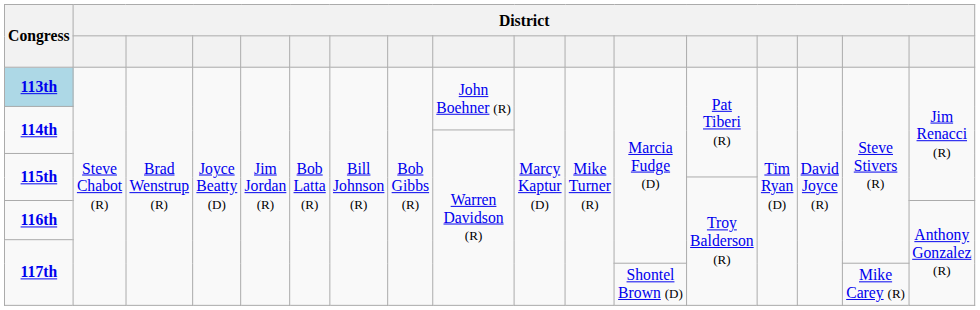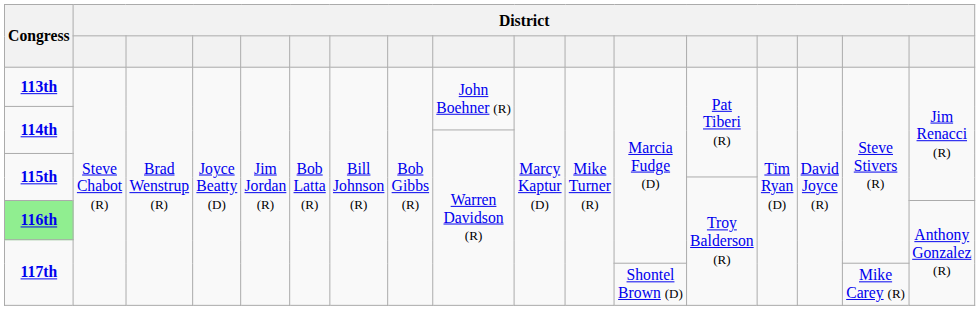 <table class=wikitable style="text-align:center">
 <tr style="height:2em">
 <th rowspan=2>Congress</th>
 <th colspan=16>District</th>
 </tr>
 <tr style="height:2em">
 <th></th>
 <th></th>
 <th></th>
 <th></th>
 <th></th>
 <th></th>
 <th></th>
 <th></th>
 <th></th>
 <th></th>
 <th></th>
 <th></th>
 <th></th>
 <th></th>
 <th></th>
 <th></th>
 </tr>
 <tr style="height:2.5em">
-<td style="background: lightblue;"><strong><a href='#'>113th</a></strong> </td>
+<td><strong><a href='#'>113th</a></strong> </td>
 <td rowspan=8 ><a href='#'>Steve<br>Chabot</a><br><small>(R)</small></td>
 <td rowspan=8 ><a href='#'>Brad<br>Wenstrup</a><br><small>(R)</small></td>
 <td rowspan=8 ><a href='#'>Joyce<br>Beatty</a><br><small>(D)</small></td>
 <td rowspan=8 ><a href='#'>Jim<br>Jordan</a><br><small>(R)</small></td>
 <td rowspan=8 ><a href='#'>Bob<br>Latta</a><br><small>(R)</small></td>
 <td rowspan=8 ><a href='#'>Bill<br>Johnson</a><br><small>(R)</small></td>
 <td rowspan=8 ><a href='#'>Bob<br>Gibbs</a><br><small>(R)</small></td>
 <td rowspan=2 ><a href='#'>John<br>Boehner</a> <small>(R)</small></td>
 <td rowspan=8 ><a href='#'>Marcy<br>Kaptur</a><br><small>(D)</small></td>
 <td rowspan=8 ><a href='#'>Mike<br>Turner</a><br><small>(R)</small></td>
 <td rowspan=7 ><a href='#'>Marcia<br>Fudge</a><br><small>(D)</small></td>
 <td rowspan=4 ><a href='#'>Pat<br>Tiberi</a><br><small>(R)</small></td>
 <td rowspan=8 ><a href='#'>Tim<br>Ryan</a><br><small>(D)</small></td>
 <td rowspan=8 ><a href='#'>David<br>Joyce</a><br><small>(R)</small></td>
 <td rowspan=7 ><a href='#'>Steve<br>Stivers</a><br><small>(R)</small></td>
 <td rowspan=5 ><a href='#'>Jim<br>Renacci</a><br><small>(R)</small></td>
 </tr>
 <tr style="height:1.5em">
 <td rowspan=2><strong><a href='#'>114th</a></strong> </td>
 </tr>
 <tr style="height:1.5em">
 <td rowspan=6 ><a href='#'>Warren<br>Davidson</a><br><small>(R)</small></td>
 </tr>
 <tr style="height:1.5em">
 <td rowspan=2><strong><a href='#'>115th</a></strong> </td>
 </tr>
 <tr style="height:1.5em">
 <td rowspan=4 ><a href='#'>Troy<br>Balderson</a><br><small>(R)</small></td>
 </tr>
 <tr style="height:2.5em">
-<td><strong><a href='#'>116th</a></strong> </td>
+<td style="background: lightgreen;"><strong><a href='#'>116th</a></strong> </td>
 <td rowspan=3 ><a href='#'>Anthony<br>Gonzalez</a><br><small>(R)</small></td>
 </tr>
 <tr style="height:1.5em">
 <td rowspan=2><strong><a href='#'>117th</a></strong> </td>
 </tr>
 <tr style="height:2em">
 <td><a href='#'>Shontel<br>Brown</a> <small>(D)</small></td>
 <td><a href='#'>Mike<br>Carey</a> <small>(R)</small></td>
 </tr>
 </table>
